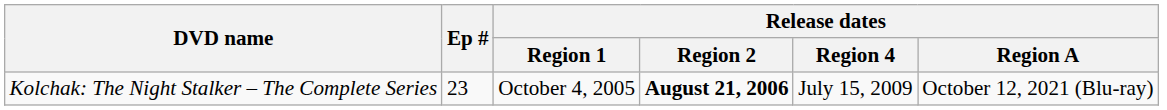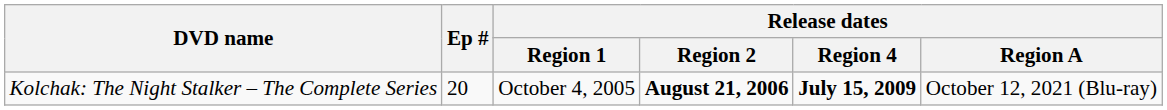 <table class="wikitable">
 <tr>
 <th rowspan="2">DVD name</th>
 <th rowspan="2">Ep #</th>
 <th colspan="4”">Release dates</th>
 </tr>
 <tr>
 <th>Region 1</th>
 <th>Region 2</th>
 <th>Region 4</th>
 <th>Region A</th>
 </tr>
 <tr>
 <td><em>Kolchak: The Night Stalker – The Complete Series</em></td>
-<td>23</td>
+<td>20</td>
 <td>October 4, 2005</td>
 <td><strong>August 21, 2006</strong></td>
-<td>July 15, 2009</td>
+<td><strong>July 15, 2009</strong></td>
 <td>October 12, 2021 (Blu-ray)</td>
 </tr>
 </table>
